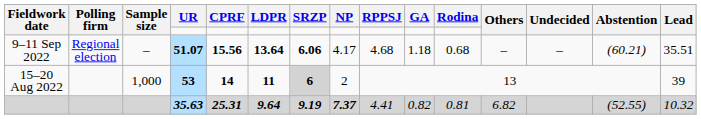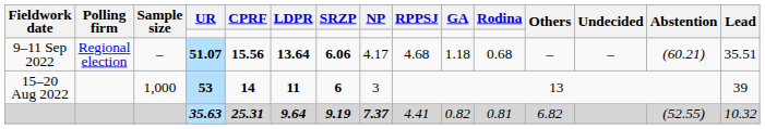 <table class=wikitable style="font-size:95%; line-height:14px; text-align:center">
 <tr>
 <th style=width:120px; rowspan=2>Fieldwork date</th>
 <th style=width:120px; rowspan=2>Polling firm</th>
 <th style=width:50px; rowspan=2>Sample<br>size</th>
 <th style="width:50px;"><a href='#'>UR</a></th>
 <th style="width:50px;"><a href='#'>CPRF</a></th>
 <th style="width:50px;"><a href='#'>LDPR</a></th>
 <th style="width:50px;"><a href='#'>SRZP</a></th>
 <th style="width:50px;"><a href='#'>NP</a></th>
 <th style="width:50px;"><a href='#'>RPPSJ</a></th>
 <th style="width:50px;"><a href='#'>GA</a></th>
 <th style="width:50px;"><a href='#'>Rodina</a></th>
 <th style="width:50px;" rowspan=2>Others</th>
 <th style="width:50px;" rowspan=2>Undecided</th>
 <th style="width:50px;" rowspan=2>Abstention</th>
 <th style="width:50px;" rowspan="2">Lead</th>
 </tr>
 <tr>
 <td bgcolor=></td>
 <td bgcolor=></td>
 <td bgcolor=></td>
 <td bgcolor=></td>
 <td bgcolor=></td>
 <td bgcolor=></td>
 <td bgcolor=></td>
 <td bgcolor=></td>
 </tr>
 <tr>
 <td>9–11 Sep 2022</td>
 <td><a href='#'>Regional election</a></td>
 <td>–</td>
 <td style="background:#B3E0FF"><strong>51.07</strong></td>
 <td><strong>15.56</strong></td>
 <td><strong>13.64</strong></td>
 <td><strong>6.06</strong></td>
 <td>4.17</td>
 <td>4.68</td>
 <td>1.18</td>
 <td>0.68</td>
 <td>–</td>
 <td>–</td>
 <td><em>(60.21)</em></td>
 <td style="background:">35.51</td>
 </tr>
 <tr>
 <td>15–20 Aug 2022</td>
 <td></td>
 <td>1,000</td>
 <td style="background:#B3E0FF"><strong>53</strong></td>
 <td><strong>14</strong></td>
 <td><strong>11</strong></td>
-<td style="background: lightgrey;"><strong>6</strong></td>
-<td>2</td>
+<td><strong>6</strong></td>
+<td>3</td>
 <td colspan="6">13</td>
 <td style="background:">39</td>
 </tr>
 <tr style="background:#D5D5D5">
 <td></td>
 <td></td>
 <td></td>
 <td style="background:#B3E0FF"><strong><em>35.63</em></strong></td>
 <td><strong><em>25.31</em></strong></td>
 <td><strong><em>9.64</em></strong></td>
 <td><strong><em>9.19</em></strong></td>
 <td><strong><em>7.37</em></strong></td>
 <td><em>4.41</em></td>
 <td><em>0.82</em></td>
 <td><em>0.81</em></td>
 <td><em>6.82</em></td>
 <td></td>
 <td><em>(52.55)</em></td>
 <td style="background:"><em>10.32</em></td>
 </tr>
 </table>
